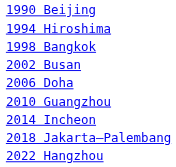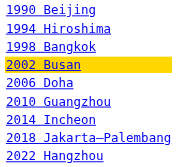 <table>
 <tr>
 <td><a href='#'>1990 Beijing</a></td>
 <td></td>
 <td></td>
 <td></td>
 </tr>
 <tr>
 <td><a href='#'>1994 Hiroshima</a></td>
 <td></td>
 <td></td>
 <td></td>
 </tr>
 <tr>
 <td><a href='#'>1998 Bangkok</a></td>
 <td></td>
 <td></td>
 <td></td>
 </tr>
 <tr>
-<td><a href='#'>2002 Busan</a></td>
+<td style="background: gold;"><a href='#'>2002 Busan</a></td>
 <td></td>
 <td></td>
 <td></td>
 </tr>
 <tr>
 <td><a href='#'>2006 Doha</a></td>
 <td></td>
 <td></td>
 <td></td>
 </tr>
 <tr>
 <td><a href='#'>2010 Guangzhou</a></td>
 <td></td>
 <td></td>
 <td></td>
 </tr>
 <tr>
 <td><a href='#'>2014 Incheon</a></td>
 <td></td>
 <td></td>
 <td></td>
 </tr>
 <tr>
 <td><a href='#'>2018 Jakarta–Palembang</a></td>
 <td></td>
 <td></td>
 <td></td>
 </tr>
 <tr>
 <td><a href='#'>2022 Hangzhou</a></td>
 <td></td>
 <td></td>
 <td></td>
 </tr>
 </table>
